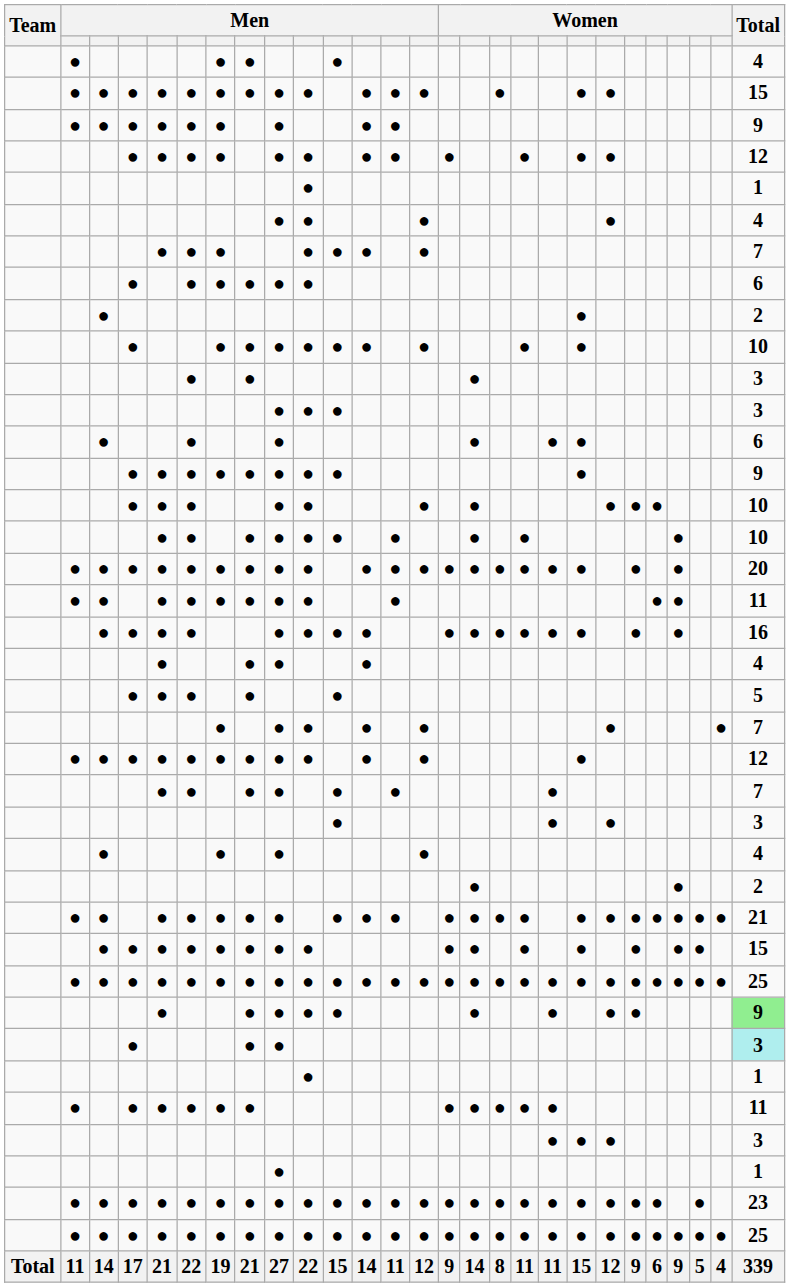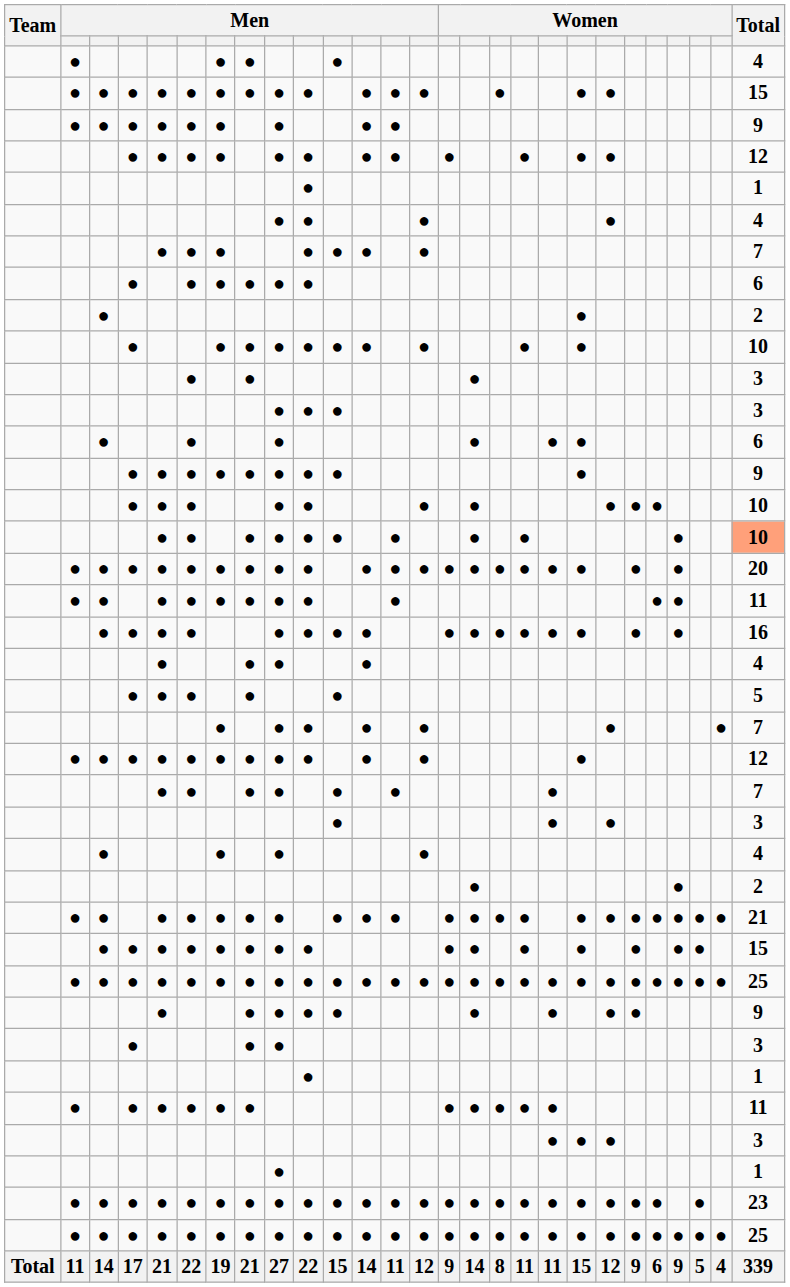 <table class="wikitable sortable" style="text-align:center">
 <tr>
 <th rowspan=2>Team</th>
 <th colspan=13>Men</th>
 <th colspan=12>Women</th>
 <th rowspan=2>Total</th>
 </tr>
 <tr>
 <th></th>
 <th></th>
 <th></th>
 <th></th>
 <th></th>
 <th></th>
 <th></th>
 <th></th>
 <th></th>
 <th></th>
 <th></th>
 <th></th>
 <th></th>
 <th></th>
 <th></th>
 <th></th>
 <th></th>
 <th></th>
 <th></th>
 <th></th>
 <th></th>
 <th></th>
 <th></th>
 <th></th>
 <th></th>
 </tr>
 <tr>
 <td align=left></td>
 <td>●</td>
 <td></td>
 <td></td>
 <td></td>
 <td></td>
 <td>●</td>
 <td>●</td>
 <td></td>
 <td></td>
 <td>●</td>
 <td></td>
 <td></td>
 <td></td>
 <td></td>
 <td></td>
 <td></td>
 <td></td>
 <td></td>
 <td></td>
 <td></td>
 <td></td>
 <td></td>
 <td></td>
 <td></td>
 <td></td>
 <td><strong>4</strong></td>
 </tr>
 <tr>
 <td align=left></td>
 <td>●</td>
 <td>●</td>
 <td>●</td>
 <td>●</td>
 <td>●</td>
 <td>●</td>
 <td>●</td>
 <td>●</td>
 <td>●</td>
 <td></td>
 <td>●</td>
 <td>●</td>
 <td>●</td>
 <td></td>
 <td></td>
 <td>●</td>
 <td></td>
 <td></td>
 <td>●</td>
 <td>●</td>
 <td></td>
 <td></td>
 <td></td>
 <td></td>
 <td></td>
 <td><strong>15</strong></td>
 </tr>
 <tr>
 <td align=left></td>
 <td>●</td>
 <td>●</td>
 <td>●</td>
 <td>●</td>
 <td>●</td>
 <td>●</td>
 <td></td>
 <td>●</td>
 <td></td>
 <td></td>
 <td>●</td>
 <td>●</td>
 <td></td>
 <td></td>
 <td></td>
 <td></td>
 <td></td>
 <td></td>
 <td></td>
 <td></td>
 <td></td>
 <td></td>
 <td></td>
 <td></td>
 <td></td>
 <td><strong>9</strong></td>
 </tr>
 <tr>
 <td align=left></td>
 <td></td>
 <td></td>
 <td>●</td>
 <td>●</td>
 <td>●</td>
 <td>●</td>
 <td></td>
 <td>●</td>
 <td>●</td>
 <td></td>
 <td>●</td>
 <td>●</td>
 <td></td>
 <td>●</td>
 <td></td>
 <td></td>
 <td>●</td>
 <td></td>
 <td>●</td>
 <td>●</td>
 <td></td>
 <td></td>
 <td></td>
 <td></td>
 <td></td>
 <td><strong>12</strong></td>
 </tr>
 <tr>
 <td align=left></td>
 <td></td>
 <td></td>
 <td></td>
 <td></td>
 <td></td>
 <td></td>
 <td></td>
 <td></td>
 <td>●</td>
 <td></td>
 <td></td>
 <td></td>
 <td></td>
 <td></td>
 <td></td>
 <td></td>
 <td></td>
 <td></td>
 <td></td>
 <td></td>
 <td></td>
 <td></td>
 <td></td>
 <td></td>
 <td></td>
 <td><strong>1</strong></td>
 </tr>
 <tr>
 <td align=left></td>
 <td></td>
 <td></td>
 <td></td>
 <td></td>
 <td></td>
 <td></td>
 <td></td>
 <td>●</td>
 <td>●</td>
 <td></td>
 <td></td>
 <td></td>
 <td>●</td>
 <td></td>
 <td></td>
 <td></td>
 <td></td>
 <td></td>
 <td></td>
 <td>●</td>
 <td></td>
 <td></td>
 <td></td>
 <td></td>
 <td></td>
 <td><strong>4</strong></td>
 </tr>
 <tr>
 <td align=left></td>
 <td></td>
 <td></td>
 <td></td>
 <td>●</td>
 <td>●</td>
 <td>●</td>
 <td></td>
 <td></td>
 <td>●</td>
 <td>●</td>
 <td>●</td>
 <td></td>
 <td>●</td>
 <td></td>
 <td></td>
 <td></td>
 <td></td>
 <td></td>
 <td></td>
 <td></td>
 <td></td>
 <td></td>
 <td></td>
 <td></td>
 <td></td>
 <td><strong>7</strong></td>
 </tr>
 <tr>
 <td align=left></td>
 <td></td>
 <td></td>
 <td>●</td>
 <td></td>
 <td>●</td>
 <td>●</td>
 <td>●</td>
 <td>●</td>
 <td>●</td>
 <td></td>
 <td></td>
 <td></td>
 <td></td>
 <td></td>
 <td></td>
 <td></td>
 <td></td>
 <td></td>
 <td></td>
 <td></td>
 <td></td>
 <td></td>
 <td></td>
 <td></td>
 <td></td>
 <td><strong>6</strong></td>
 </tr>
 <tr>
 <td align=left></td>
 <td></td>
 <td>●</td>
 <td></td>
 <td></td>
 <td></td>
 <td></td>
 <td></td>
 <td></td>
 <td></td>
 <td></td>
 <td></td>
 <td></td>
 <td></td>
 <td></td>
 <td></td>
 <td></td>
 <td></td>
 <td></td>
 <td>●</td>
 <td></td>
 <td></td>
 <td></td>
 <td></td>
 <td></td>
 <td></td>
 <td><strong>2</strong></td>
 </tr>
 <tr>
 <td align=left></td>
 <td></td>
 <td></td>
 <td>●</td>
 <td></td>
 <td></td>
 <td>●</td>
 <td>●</td>
 <td>●</td>
 <td>●</td>
 <td>●</td>
 <td>●</td>
 <td></td>
 <td>●</td>
 <td></td>
 <td></td>
 <td></td>
 <td>●</td>
 <td></td>
 <td>●</td>
 <td></td>
 <td></td>
 <td></td>
 <td></td>
 <td></td>
 <td></td>
 <td><strong>10</strong></td>
 </tr>
 <tr>
 <td align=left></td>
 <td></td>
 <td></td>
 <td></td>
 <td></td>
 <td>●</td>
 <td></td>
 <td>●</td>
 <td></td>
 <td></td>
 <td></td>
 <td></td>
 <td></td>
 <td></td>
 <td></td>
 <td>●</td>
 <td></td>
 <td></td>
 <td></td>
 <td></td>
 <td></td>
 <td></td>
 <td></td>
 <td></td>
 <td></td>
 <td></td>
 <td><strong>3</strong></td>
 </tr>
 <tr>
 <td align=left></td>
 <td></td>
 <td></td>
 <td></td>
 <td></td>
 <td></td>
 <td></td>
 <td></td>
 <td>●</td>
 <td>●</td>
 <td>●</td>
 <td></td>
 <td></td>
 <td></td>
 <td></td>
 <td></td>
 <td></td>
 <td></td>
 <td></td>
 <td></td>
 <td></td>
 <td></td>
 <td></td>
 <td></td>
 <td></td>
 <td></td>
 <td><strong>3</strong></td>
 </tr>
 <tr>
 <td align=left></td>
 <td></td>
 <td>●</td>
 <td></td>
 <td></td>
 <td>●</td>
 <td></td>
 <td></td>
 <td>●</td>
 <td></td>
 <td></td>
 <td></td>
 <td></td>
 <td></td>
 <td></td>
 <td>●</td>
 <td></td>
 <td></td>
 <td>●</td>
 <td>●</td>
 <td></td>
 <td></td>
 <td></td>
 <td></td>
 <td></td>
 <td></td>
 <td><strong>6</strong></td>
 </tr>
 <tr>
 <td align=left></td>
 <td></td>
 <td></td>
 <td>●</td>
 <td>●</td>
 <td>●</td>
 <td>●</td>
 <td>●</td>
 <td>●</td>
 <td>●</td>
 <td>●</td>
 <td></td>
 <td></td>
 <td></td>
 <td></td>
 <td></td>
 <td></td>
 <td></td>
 <td></td>
 <td>●</td>
 <td></td>
 <td></td>
 <td></td>
 <td></td>
 <td></td>
 <td></td>
 <td><strong>9</strong></td>
 </tr>
 <tr>
 <td align=left></td>
 <td></td>
 <td></td>
 <td>●</td>
 <td>●</td>
 <td>●</td>
 <td></td>
 <td></td>
 <td>●</td>
 <td>●</td>
 <td></td>
 <td></td>
 <td></td>
 <td>●</td>
 <td></td>
 <td>●</td>
 <td></td>
 <td></td>
 <td></td>
 <td></td>
 <td>●</td>
 <td>●</td>
 <td>●</td>
 <td></td>
 <td></td>
 <td></td>
 <td><strong>10</strong></td>
 </tr>
 <tr>
 <td align=left></td>
 <td></td>
 <td></td>
 <td></td>
 <td>●</td>
 <td>●</td>
 <td></td>
 <td>●</td>
 <td>●</td>
 <td>●</td>
 <td>●</td>
 <td></td>
 <td>●</td>
 <td></td>
 <td></td>
 <td>●</td>
 <td></td>
 <td>●</td>
 <td></td>
 <td></td>
 <td></td>
 <td></td>
 <td></td>
 <td>●</td>
 <td></td>
 <td></td>
-<td><strong>10</strong></td>
+<td style="background: lightsalmon;"><strong>10</strong></td>
 </tr>
 <tr>
 <td align=left></td>
 <td>●</td>
 <td>●</td>
 <td>●</td>
 <td>●</td>
 <td>●</td>
 <td>●</td>
 <td>●</td>
 <td>●</td>
 <td>●</td>
 <td></td>
 <td>●</td>
 <td>●</td>
 <td>●</td>
 <td>●</td>
 <td>●</td>
 <td>●</td>
 <td>●</td>
 <td>●</td>
 <td>●</td>
 <td></td>
 <td>●</td>
 <td></td>
 <td>●</td>
 <td></td>
 <td></td>
 <td><strong>20</strong></td>
 </tr>
 <tr>
 <td align=left></td>
 <td>●</td>
 <td>●</td>
 <td></td>
 <td>●</td>
 <td>●</td>
 <td>●</td>
 <td>●</td>
 <td>●</td>
 <td>●</td>
 <td></td>
 <td></td>
 <td>●</td>
 <td></td>
 <td></td>
 <td></td>
 <td></td>
 <td></td>
 <td></td>
 <td></td>
 <td></td>
 <td></td>
 <td>●</td>
 <td>●</td>
 <td></td>
 <td></td>
 <td><strong>11</strong></td>
 </tr>
 <tr>
 <td align=left></td>
 <td></td>
 <td>●</td>
 <td>●</td>
 <td>●</td>
 <td>●</td>
 <td></td>
 <td></td>
 <td>●</td>
 <td>●</td>
 <td>●</td>
 <td>●</td>
 <td></td>
 <td></td>
 <td>●</td>
 <td>●</td>
 <td>●</td>
 <td>●</td>
 <td>●</td>
 <td>●</td>
 <td></td>
 <td>●</td>
 <td></td>
 <td>●</td>
 <td></td>
 <td></td>
 <td><strong>16</strong></td>
 </tr>
 <tr>
 <td align=left></td>
 <td></td>
 <td></td>
 <td></td>
 <td>●</td>
 <td></td>
 <td></td>
 <td>●</td>
 <td>●</td>
 <td></td>
 <td></td>
 <td>●</td>
 <td></td>
 <td></td>
 <td></td>
 <td></td>
 <td></td>
 <td></td>
 <td></td>
 <td></td>
 <td></td>
 <td></td>
 <td></td>
 <td></td>
 <td></td>
 <td></td>
 <td><strong>4</strong></td>
 </tr>
 <tr>
 <td align=left></td>
 <td></td>
 <td></td>
 <td>●</td>
 <td>●</td>
 <td>●</td>
 <td></td>
 <td>●</td>
 <td></td>
 <td></td>
 <td>●</td>
 <td></td>
 <td></td>
 <td></td>
 <td></td>
 <td></td>
 <td></td>
 <td></td>
 <td></td>
 <td></td>
 <td></td>
 <td></td>
 <td></td>
 <td></td>
 <td></td>
 <td></td>
 <td><strong>5</strong></td>
 </tr>
 <tr>
 <td align=left></td>
 <td></td>
 <td></td>
 <td></td>
 <td></td>
 <td></td>
 <td>●</td>
 <td></td>
 <td>●</td>
 <td>●</td>
 <td></td>
 <td>●</td>
 <td></td>
 <td>●</td>
 <td></td>
 <td></td>
 <td></td>
 <td></td>
 <td></td>
 <td></td>
 <td>●</td>
 <td></td>
 <td></td>
 <td></td>
 <td></td>
 <td>●</td>
 <td><strong>7</strong></td>
 </tr>
 <tr>
 <td align=left></td>
 <td>●</td>
 <td>●</td>
 <td>●</td>
 <td>●</td>
 <td>●</td>
 <td>●</td>
 <td>●</td>
 <td>●</td>
 <td>●</td>
 <td></td>
 <td>●</td>
 <td></td>
 <td>●</td>
 <td></td>
 <td></td>
 <td></td>
 <td></td>
 <td></td>
 <td>●</td>
 <td></td>
 <td></td>
 <td></td>
 <td></td>
 <td></td>
 <td></td>
 <td><strong>12</strong></td>
 </tr>
 <tr>
 <td align=left></td>
 <td></td>
 <td></td>
 <td></td>
 <td>●</td>
 <td>●</td>
 <td></td>
 <td>●</td>
 <td>●</td>
 <td></td>
 <td>●</td>
 <td></td>
 <td>●</td>
 <td></td>
 <td></td>
 <td></td>
 <td></td>
 <td></td>
 <td>●</td>
 <td></td>
 <td></td>
 <td></td>
 <td></td>
 <td></td>
 <td></td>
 <td></td>
 <td><strong>7</strong></td>
 </tr>
 <tr>
 <td align=left></td>
 <td></td>
 <td></td>
 <td></td>
 <td></td>
 <td></td>
 <td></td>
 <td></td>
 <td></td>
 <td></td>
 <td>●</td>
 <td></td>
 <td></td>
 <td></td>
 <td></td>
 <td></td>
 <td></td>
 <td></td>
 <td>●</td>
 <td></td>
 <td>●</td>
 <td></td>
 <td></td>
 <td></td>
 <td></td>
 <td></td>
 <td><strong>3</strong></td>
 </tr>
 <tr>
 <td align=left></td>
 <td></td>
 <td>●</td>
 <td></td>
 <td></td>
 <td></td>
 <td>●</td>
 <td></td>
 <td>●</td>
 <td></td>
 <td></td>
 <td></td>
 <td></td>
 <td>●</td>
 <td></td>
 <td></td>
 <td></td>
 <td></td>
 <td></td>
 <td></td>
 <td></td>
 <td></td>
 <td></td>
 <td></td>
 <td></td>
 <td></td>
 <td><strong>4</strong></td>
 </tr>
 <tr>
 <td align=left></td>
 <td></td>
 <td></td>
 <td></td>
 <td></td>
 <td></td>
 <td></td>
 <td></td>
 <td></td>
 <td></td>
 <td></td>
 <td></td>
 <td></td>
 <td></td>
 <td></td>
 <td>●</td>
 <td></td>
 <td></td>
 <td></td>
 <td></td>
 <td></td>
 <td></td>
 <td></td>
 <td>●</td>
 <td></td>
 <td></td>
 <td><strong>2</strong></td>
 </tr>
 <tr>
 <td align=left></td>
 <td>●</td>
 <td>●</td>
 <td></td>
 <td>●</td>
 <td>●</td>
 <td>●</td>
 <td>●</td>
 <td>●</td>
 <td></td>
 <td>●</td>
 <td>●</td>
 <td>●</td>
 <td></td>
 <td>●</td>
 <td>●</td>
 <td>●</td>
 <td>●</td>
 <td></td>
 <td>●</td>
 <td>●</td>
 <td>●</td>
 <td>●</td>
 <td>●</td>
 <td>●</td>
 <td>●</td>
 <td><strong>21</strong></td>
 </tr>
 <tr>
 <td align=left></td>
 <td></td>
 <td>●</td>
 <td>●</td>
 <td>●</td>
 <td>●</td>
 <td>●</td>
 <td>●</td>
 <td>●</td>
 <td>●</td>
 <td></td>
 <td></td>
 <td></td>
 <td></td>
 <td>●</td>
 <td>●</td>
 <td></td>
 <td>●</td>
 <td></td>
 <td>●</td>
 <td></td>
 <td>●</td>
 <td></td>
 <td>●</td>
 <td>●</td>
 <td></td>
 <td><strong>15</strong></td>
 </tr>
 <tr>
 <td align=left></td>
 <td>●</td>
 <td>●</td>
 <td>●</td>
 <td>●</td>
 <td>●</td>
 <td>●</td>
 <td>●</td>
 <td>●</td>
 <td>●</td>
 <td>●</td>
 <td>●</td>
 <td>●</td>
 <td>●</td>
 <td>●</td>
 <td>●</td>
 <td>●</td>
 <td>●</td>
 <td>●</td>
 <td>●</td>
 <td>●</td>
 <td>●</td>
 <td>●</td>
 <td>●</td>
 <td>●</td>
 <td>●</td>
 <td><strong>25</strong></td>
 </tr>
 <tr>
 <td align=left></td>
 <td></td>
 <td></td>
 <td></td>
 <td>●</td>
 <td></td>
 <td></td>
 <td>●</td>
 <td>●</td>
 <td>●</td>
 <td>●</td>
 <td></td>
 <td></td>
 <td></td>
 <td></td>
 <td>●</td>
 <td></td>
 <td></td>
 <td>●</td>
 <td></td>
 <td>●</td>
 <td>●</td>
 <td></td>
 <td></td>
 <td></td>
 <td></td>
-<td style="background: lightgreen;"><strong>9</strong></td>
+<td><strong>9</strong></td>
 </tr>
 <tr>
 <td align=left></td>
 <td></td>
 <td></td>
 <td>●</td>
 <td></td>
 <td></td>
 <td></td>
 <td>●</td>
 <td>●</td>
 <td></td>
 <td></td>
 <td></td>
 <td></td>
 <td></td>
 <td></td>
 <td></td>
 <td></td>
 <td></td>
 <td></td>
 <td></td>
 <td></td>
 <td></td>
 <td></td>
 <td></td>
 <td></td>
 <td></td>
-<td style="background: paleturquoise;"><strong>3</strong></td>
+<td><strong>3</strong></td>
 </tr>
 <tr>
 <td align=left></td>
 <td></td>
 <td></td>
 <td></td>
 <td></td>
 <td></td>
 <td></td>
 <td></td>
 <td></td>
 <td>●</td>
 <td></td>
 <td></td>
 <td></td>
 <td></td>
 <td></td>
 <td></td>
 <td></td>
 <td></td>
 <td></td>
 <td></td>
 <td></td>
 <td></td>
 <td></td>
 <td></td>
 <td></td>
 <td></td>
 <td><strong>1</strong></td>
 </tr>
 <tr>
 <td align=left></td>
 <td>●</td>
 <td></td>
 <td>●</td>
 <td>●</td>
 <td>●</td>
 <td>●</td>
 <td>●</td>
 <td></td>
 <td></td>
 <td></td>
 <td></td>
 <td></td>
 <td></td>
 <td>●</td>
 <td>●</td>
 <td>●</td>
 <td>●</td>
 <td>●</td>
 <td></td>
 <td></td>
 <td></td>
 <td></td>
 <td></td>
 <td></td>
 <td></td>
 <td><strong>11</strong></td>
 </tr>
 <tr>
 <td align=left></td>
 <td></td>
 <td></td>
 <td></td>
 <td></td>
 <td></td>
 <td></td>
 <td></td>
 <td></td>
 <td></td>
 <td></td>
 <td></td>
 <td></td>
 <td></td>
 <td></td>
 <td></td>
 <td></td>
 <td></td>
 <td>●</td>
 <td>●</td>
 <td>●</td>
 <td></td>
 <td></td>
 <td></td>
 <td></td>
 <td></td>
 <td><strong>3</strong></td>
 </tr>
 <tr>
 <td align=left></td>
 <td></td>
 <td></td>
 <td></td>
 <td></td>
 <td></td>
 <td></td>
 <td></td>
 <td>●</td>
 <td></td>
 <td></td>
 <td></td>
 <td></td>
 <td></td>
 <td></td>
 <td></td>
 <td></td>
 <td></td>
 <td></td>
 <td></td>
 <td></td>
 <td></td>
 <td></td>
 <td></td>
 <td></td>
 <td></td>
 <td><strong>1</strong></td>
 </tr>
 <tr>
 <td align=left></td>
 <td>●</td>
 <td>●</td>
 <td>●</td>
 <td>●</td>
 <td>●</td>
 <td>●</td>
 <td>●</td>
 <td>●</td>
 <td>●</td>
 <td>●</td>
 <td>●</td>
 <td>●</td>
 <td>●</td>
 <td>●</td>
 <td>●</td>
 <td>●</td>
 <td>●</td>
 <td>●</td>
 <td>●</td>
 <td>●</td>
 <td>●</td>
 <td>●</td>
 <td></td>
 <td>●</td>
 <td></td>
 <td><strong>23</strong></td>
 </tr>
 <tr>
 <td align=left></td>
 <td>●</td>
 <td>●</td>
 <td>●</td>
 <td>●</td>
 <td>●</td>
 <td>●</td>
 <td>●</td>
 <td>●</td>
 <td>●</td>
 <td>●</td>
 <td>●</td>
 <td>●</td>
 <td>●</td>
 <td>●</td>
 <td>●</td>
 <td>●</td>
 <td>●</td>
 <td>●</td>
 <td>●</td>
 <td>●</td>
 <td>●</td>
 <td>●</td>
 <td>●</td>
 <td>●</td>
 <td>●</td>
 <td><strong>25</strong></td>
 </tr>
 <tr>
 <th>Total</th>
 <th>11</th>
 <th>14</th>
 <th>17</th>
 <th>21</th>
 <th>22</th>
 <th>19</th>
 <th>21</th>
 <th>27</th>
 <th>22</th>
 <th>15</th>
 <th>14</th>
 <th>11</th>
 <th>12</th>
 <th>9</th>
 <th>14</th>
 <th>8</th>
 <th>11</th>
 <th>11</th>
 <th>15</th>
 <th>12</th>
 <th>9</th>
 <th>6</th>
 <th>9</th>
 <th>5</th>
 <th>4</th>
 <th>339</th>
 </tr>
 </table>
